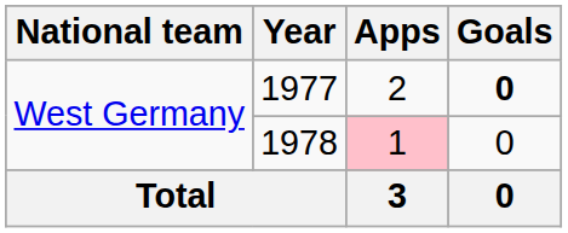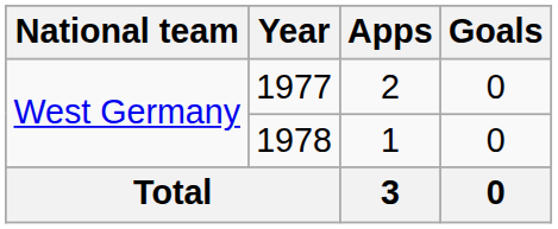 <table class="wikitable" style="text-align:center">
 <tr>
 <th>National team</th>
 <th>Year</th>
 <th>Apps</th>
 <th>Goals</th>
 </tr>
 <tr>
 <td rowspan="2"><a href='#'>West Germany</a></td>
 <td>1977</td>
 <td>2</td>
-<td><strong>0</strong></td>
+<td>0</td>
 </tr>
 <tr>
 <td>1978</td>
-<td style="background: pink;">1</td>
+<td>1</td>
 <td>0</td>
 </tr>
 <tr>
 <th colspan="2">Total</th>
 <th>3</th>
 <th>0</th>
 </tr>
 </table>
